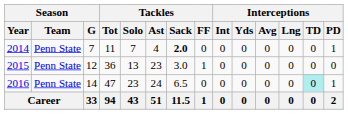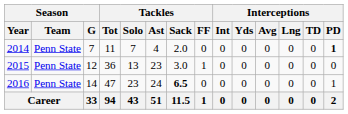 <table class="wikitable" style="text-align: center;">
 <tr>
 <th colspan="3">Season</th>
 <th colspan="5">Tackles</th>
 <th colspan="6">Interceptions</th>
 </tr>
 <tr>
 <th>Year</th>
 <th>Team</th>
 <th>G</th>
 <th>Tot</th>
 <th>Solo</th>
 <th>Ast</th>
 <th>Sack</th>
 <th>FF</th>
 <th>Int</th>
 <th>Yds</th>
 <th>Avg</th>
 <th>Lng</th>
 <th>TD</th>
 <th>PD</th>
 </tr>
 <tr>
 <td><a href='#'>2014</a></td>
 <td><a href='#'>Penn State</a></td>
 <td>7</td>
 <td>11</td>
 <td>7</td>
 <td>4</td>
-<td><strong>2.0</strong></td>
+<td>2.0</td>
 <td>0</td>
 <td>0</td>
 <td>0</td>
 <td>0</td>
 <td>0</td>
 <td>0</td>
-<td>1</td>
+<td><strong>1</strong></td>
 </tr>
 <tr>
 <td><a href='#'>2015</a></td>
 <td><a href='#'>Penn State</a></td>
 <td>12</td>
 <td>36</td>
 <td>13</td>
 <td>23</td>
 <td>3.0</td>
 <td>1</td>
 <td>0</td>
 <td>0</td>
 <td>0</td>
 <td>0</td>
 <td>0</td>
 <td>0</td>
 </tr>
 <tr>
 <td><a href='#'>2016</a></td>
 <td><a href='#'>Penn State</a></td>
 <td>14</td>
 <td>47</td>
 <td>23</td>
 <td>24</td>
-<td>6.5</td>
+<td><strong>6.5</strong></td>
 <td>0</td>
 <td>0</td>
 <td>0</td>
 <td>0</td>
 <td>0</td>
-<td style="background: paleturquoise;">0</td>
+<td>0</td>
 <td>1</td>
 </tr>
 <tr>
 <th colspan="2">Career</th>
 <th>33</th>
 <th>94</th>
 <th>43</th>
 <th>51</th>
 <th>11.5</th>
 <th>1</th>
 <th>0</th>
 <th>0</th>
 <th>0</th>
 <th>0</th>
 <th>0</th>
 <th>2</th>
 </tr>
 </table>
